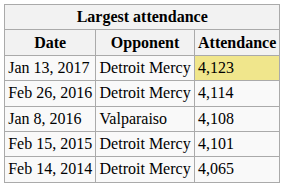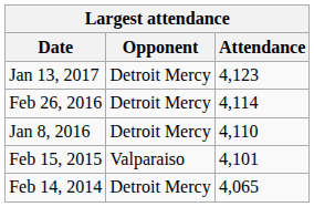 <table class="wikitable">
 <tr>
 <th colspan="4" style="text-align: center;">Largest attendance</th>
 </tr>
 <tr>
 <th>Date</th>
 <th>Opponent</th>
 <th>Attendance</th>
 </tr>
 <tr>
 <td>Jan 13, 2017</td>
 <td>Detroit Mercy</td>
-<td style="background: khaki;">4,123</td>
+<td>4,123</td>
 </tr>
 <tr>
 <td>Feb 26, 2016</td>
 <td>Detroit Mercy</td>
 <td>4,114</td>
 </tr>
 <tr>
 <td>Jan 8, 2016</td>
-<td>Valparaiso</td>
-<td>4,108</td>
+<td>Detroit Mercy</td>
+<td>4,110</td>
 </tr>
 <tr>
 <td>Feb 15, 2015</td>
-<td>Detroit Mercy</td>
+<td>Valparaiso</td>
 <td>4,101</td>
 </tr>
 <tr>
 <td>Feb 14, 2014</td>
 <td>Detroit Mercy</td>
 <td>4,065</td>
 </tr>
 </table>
